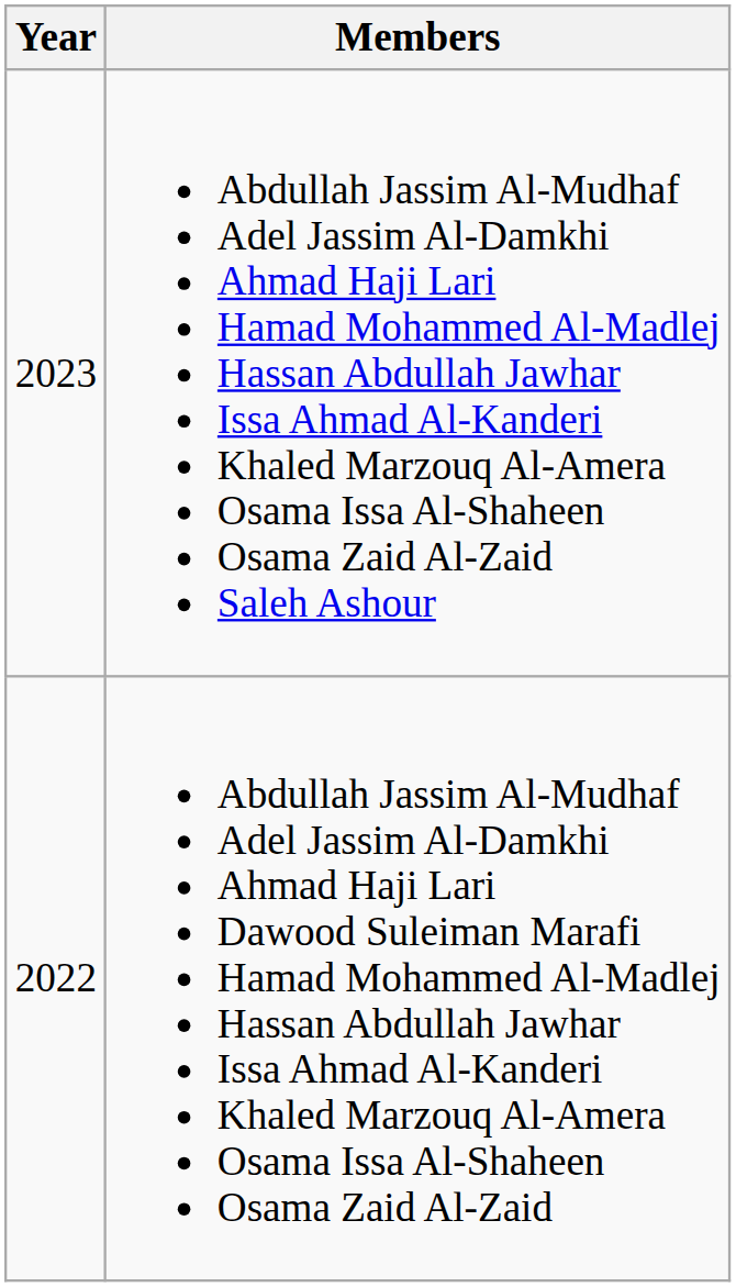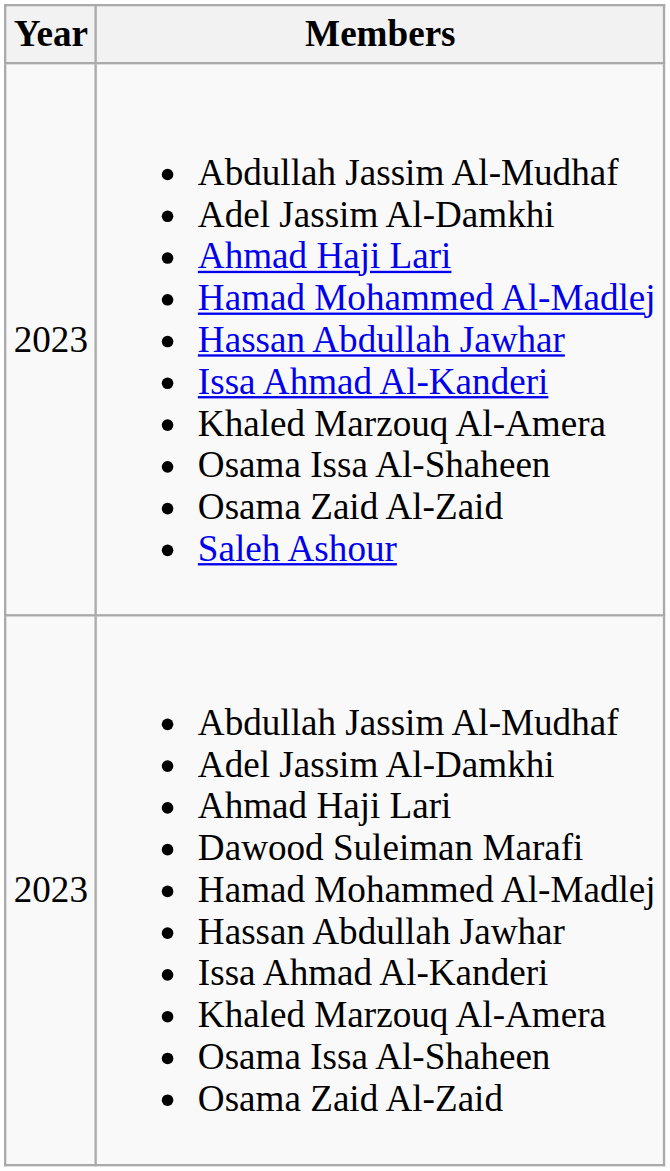 <table class="wikitable">
 <tr>
 <th>Year</th>
 <th>Members</th>
 </tr>
 <tr>
 <td>2023</td>
 <td><br><ul><li>Abdullah Jassim Al-Mudhaf</li><li>Adel Jassim Al-Damkhi</li><li><a href='#'>Ahmad Haji Lari</a></li><li><a href='#'>Hamad Mohammed Al-Madlej</a></li><li><a href='#'>Hassan Abdullah Jawhar</a></li><li><a href='#'>Issa Ahmad Al-Kanderi</a></li><li>Khaled Marzouq Al-Amera</li><li>Osama Issa Al-Shaheen</li><li>Osama Zaid Al-Zaid</li><li><a href='#'>Saleh Ashour</a></li></ul></td>
 </tr>
 <tr>
-<td>2022</td>
+<td>2023</td>
 <td><br><ul><li>Abdullah Jassim Al-Mudhaf</li><li>Adel Jassim Al-Damkhi</li><li>Ahmad Haji Lari</li><li>Dawood Suleiman Marafi</li><li>Hamad Mohammed Al-Madlej</li><li>Hassan Abdullah Jawhar</li><li>Issa Ahmad Al-Kanderi</li><li>Khaled Marzouq Al-Amera</li><li>Osama Issa Al-Shaheen</li><li>Osama Zaid Al-Zaid</li></ul></td>
 </tr>
 </table>
